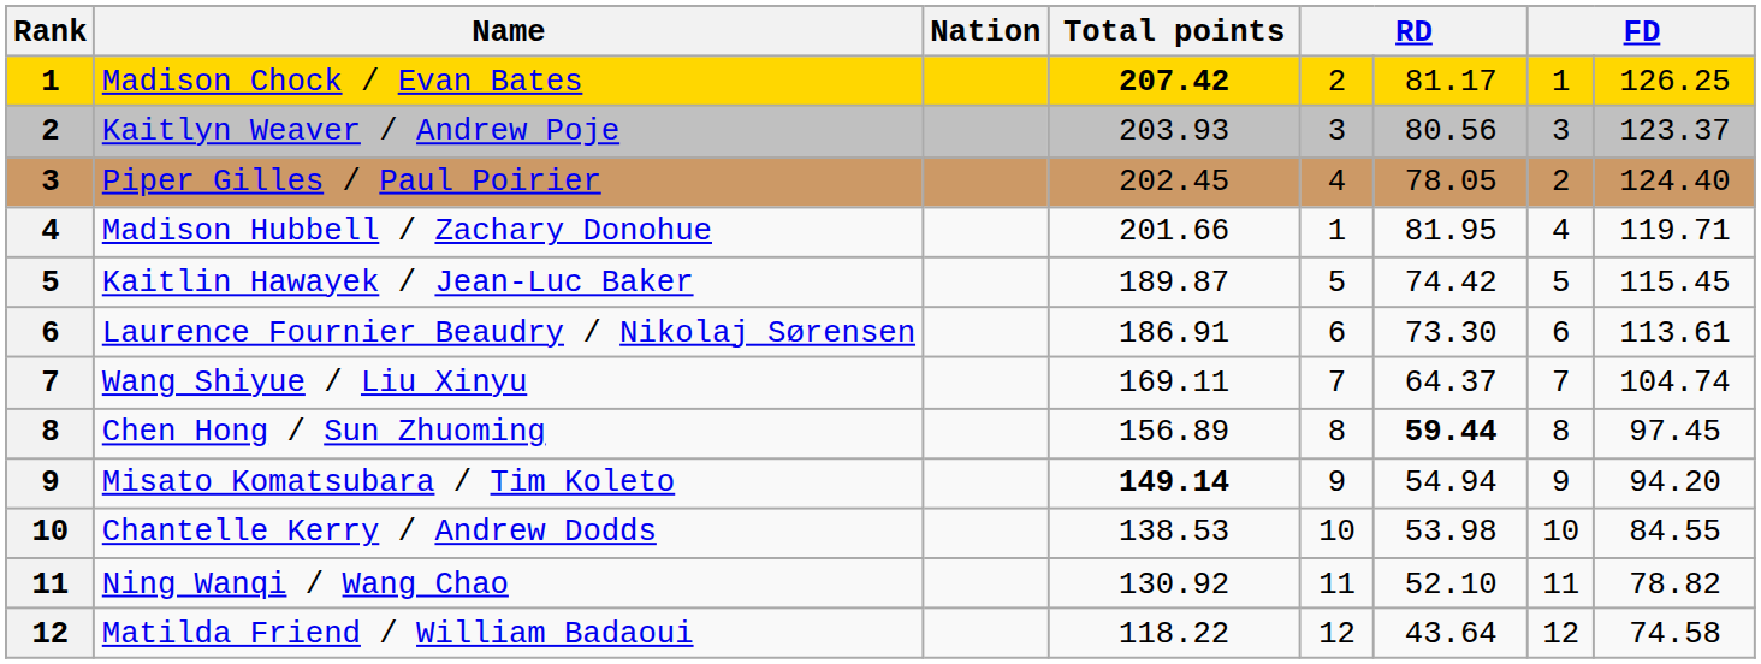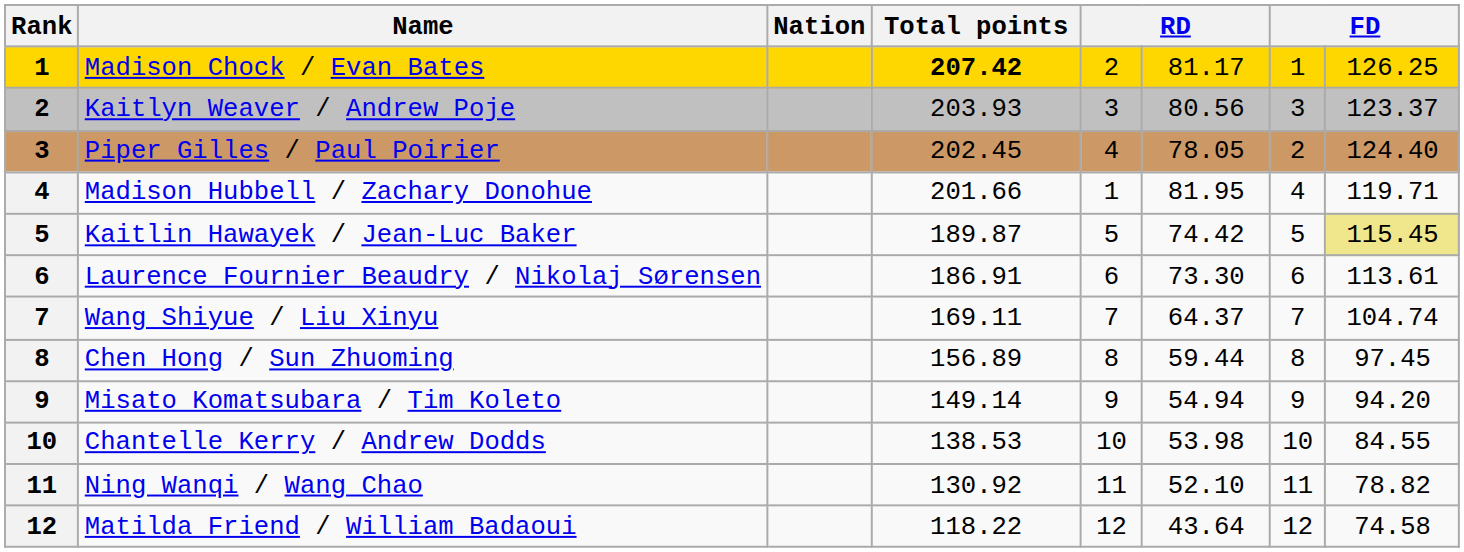 <table class="wikitable sortable">
 <tr>
 <th>Rank</th>
 <th>Name</th>
 <th>Nation</th>
 <th width="100px">Total points</th>
 <th colspan="2" width="90px"><a href='#'>RD</a></th>
 <th colspan="2" width="90px"><a href='#'>FD</a></th>
 </tr>
 <tr bgcolor="gold">
 <td align="center" bgcolor="gold"><strong>1</strong></td>
 <td><a href='#'>Madison Chock</a> / <a href='#'>Evan Bates</a></td>
 <td></td>
 <td align="center"><strong>207.42</strong></td>
 <td align="center">2</td>
 <td align="center">81.17</td>
 <td align="center">1</td>
 <td align="center">126.25</td>
 </tr>
 <tr bgcolor="silver">
 <td align="center" bgcolor="silver"><strong>2</strong></td>
 <td><a href='#'>Kaitlyn Weaver</a> / <a href='#'>Andrew Poje</a></td>
 <td></td>
 <td align="center">203.93</td>
 <td align="center">3</td>
 <td align="center">80.56</td>
 <td align="center">3</td>
 <td align="center">123.37</td>
 </tr>
 <tr bgcolor="#cc9966">
 <td align="center" bgcolor="#cc9966"><strong>3</strong></td>
 <td><a href='#'>Piper Gilles</a> / <a href='#'>Paul Poirier</a></td>
 <td></td>
 <td align="center">202.45</td>
 <td align="center">4</td>
 <td align="center">78.05</td>
 <td align="center">2</td>
 <td align="center">124.40</td>
 </tr>
 <tr>
 <th>4</th>
 <td><a href='#'>Madison Hubbell</a> / <a href='#'>Zachary Donohue</a></td>
 <td></td>
 <td align="center">201.66</td>
 <td align="center">1</td>
 <td align="center">81.95</td>
 <td align="center">4</td>
 <td align="center">119.71</td>
 </tr>
 <tr>
 <th>5</th>
 <td><a href='#'>Kaitlin Hawayek</a> / <a href='#'>Jean-Luc Baker</a></td>
 <td></td>
 <td align="center">189.87</td>
 <td align="center">5</td>
 <td align="center">74.42</td>
 <td align="center">5</td>
-<td align="center">115.45</td>
+<td align="center" style="background: khaki;">115.45</td>
 </tr>
 <tr>
 <th>6</th>
 <td><a href='#'>Laurence Fournier Beaudry</a> / <a href='#'>Nikolaj Sørensen</a></td>
 <td></td>
 <td align="center">186.91</td>
 <td align="center">6</td>
 <td align="center">73.30</td>
 <td align="center">6</td>
 <td align="center">113.61</td>
 </tr>
 <tr>
 <th>7</th>
 <td><a href='#'>Wang Shiyue</a> / <a href='#'>Liu Xinyu</a></td>
 <td></td>
 <td align="center">169.11</td>
 <td align="center">7</td>
 <td align="center">64.37</td>
 <td align="center">7</td>
 <td align="center">104.74</td>
 </tr>
 <tr>
 <th>8</th>
 <td><a href='#'>Chen Hong</a> / <a href='#'>Sun Zhuoming</a></td>
 <td></td>
 <td align="center">156.89</td>
 <td align="center">8</td>
-<td align="center"><strong>59.44</strong></td>
+<td align="center">59.44</td>
 <td align="center">8</td>
 <td align="center">97.45</td>
 </tr>
 <tr>
 <th>9</th>
 <td><a href='#'>Misato Komatsubara</a> / <a href='#'>Tim Koleto</a></td>
 <td></td>
-<td align="center"><strong>149.14</strong></td>
+<td align="center">149.14</td>
 <td align="center">9</td>
 <td align="center">54.94</td>
 <td align="center">9</td>
 <td align="center">94.20</td>
 </tr>
 <tr>
 <th>10</th>
 <td><a href='#'>Chantelle Kerry</a> / <a href='#'>Andrew Dodds</a></td>
 <td></td>
 <td align="center">138.53</td>
 <td align="center">10</td>
 <td align="center">53.98</td>
 <td align="center">10</td>
 <td align="center">84.55</td>
 </tr>
 <tr>
 <th>11</th>
 <td><a href='#'>Ning Wanqi</a> / <a href='#'>Wang Chao</a></td>
 <td></td>
 <td align="center">130.92</td>
 <td align="center">11</td>
 <td align="center">52.10</td>
 <td align="center">11</td>
 <td align="center">78.82</td>
 </tr>
 <tr>
 <th>12</th>
 <td><a href='#'>Matilda Friend</a> / <a href='#'>William Badaoui</a></td>
 <td></td>
 <td align="center">118.22</td>
 <td align="center">12</td>
 <td align="center">43.64</td>
 <td align="center">12</td>
 <td align="center">74.58</td>
 </tr>
 </table>
